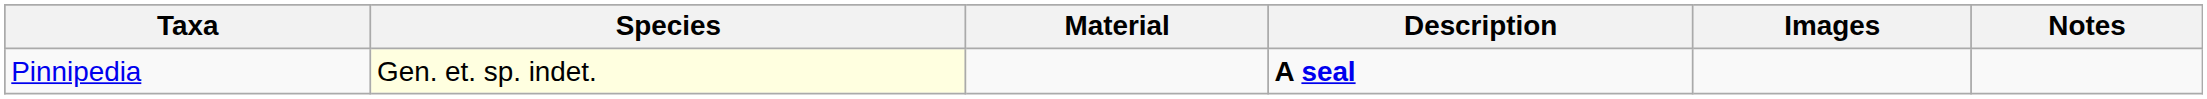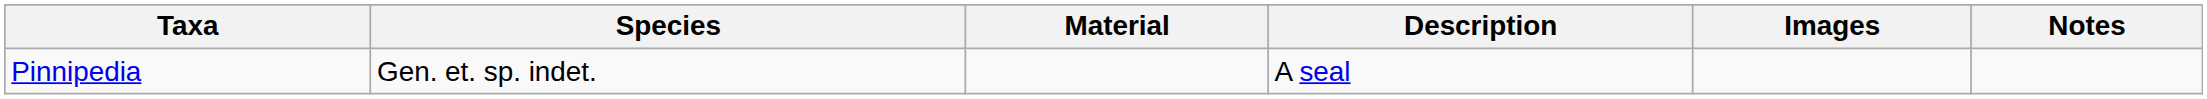 <table class="wikitable"  style="margin:auto; width:100%;">
 <tr>
 <th>Taxa</th>
 <th>Species</th>
 <th>Material</th>
 <th>Description</th>
 <th>Images</th>
 <th class=unsortable>Notes</th>
 </tr>
 <tr>
 <td><a href='#'>Pinnipedia</a></td>
-<td style="background: lightyellow;">Gen. et. sp. indet.</td>
+<td>Gen. et. sp. indet.</td>
 <td></td>
-<td><strong>A <a href='#'>seal</a></strong></td>
+<td>A <a href='#'>seal</a></td>
 <td></td>
 </tr>
 </table>
